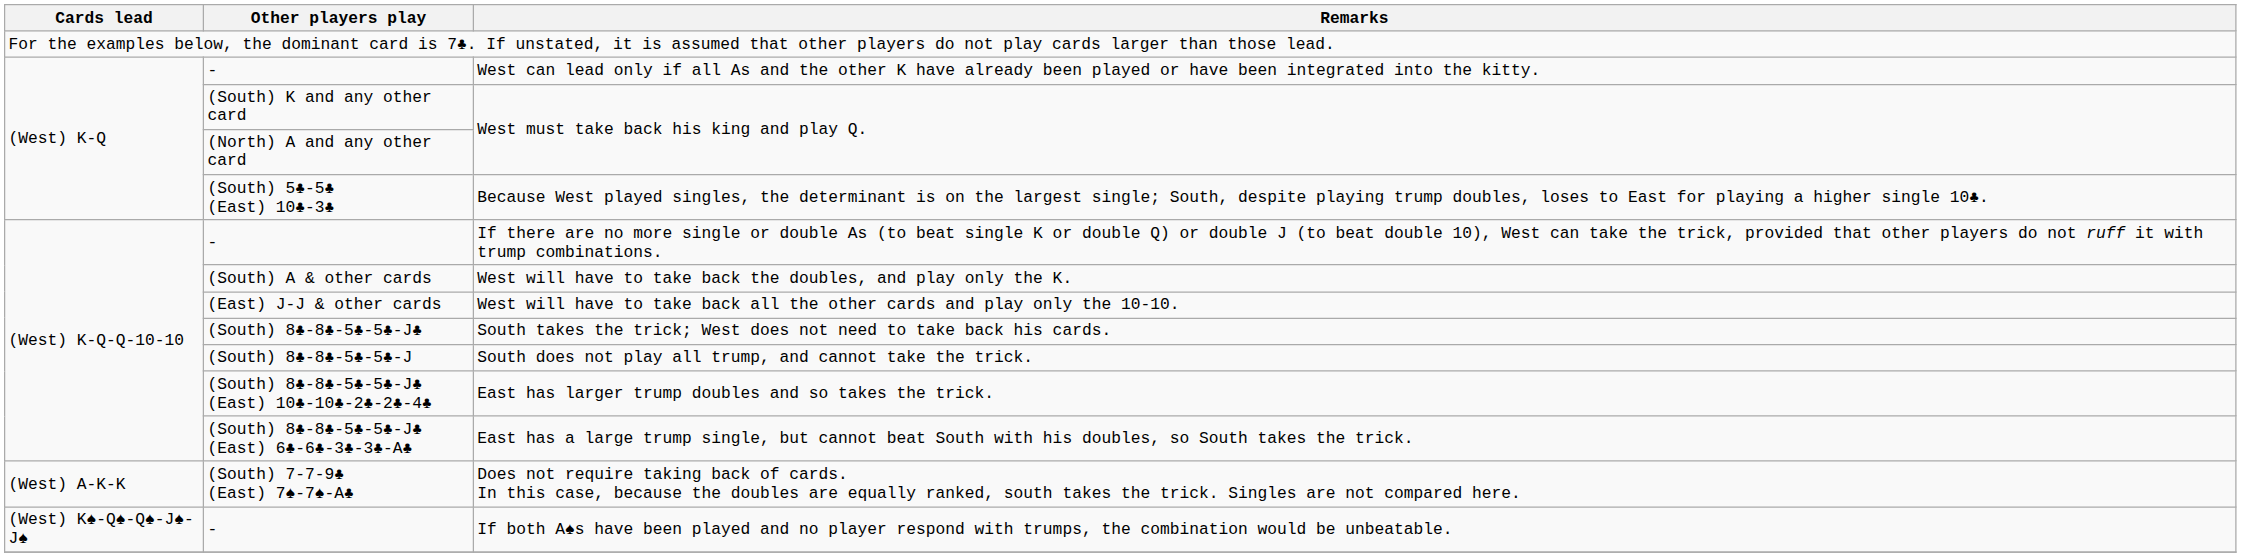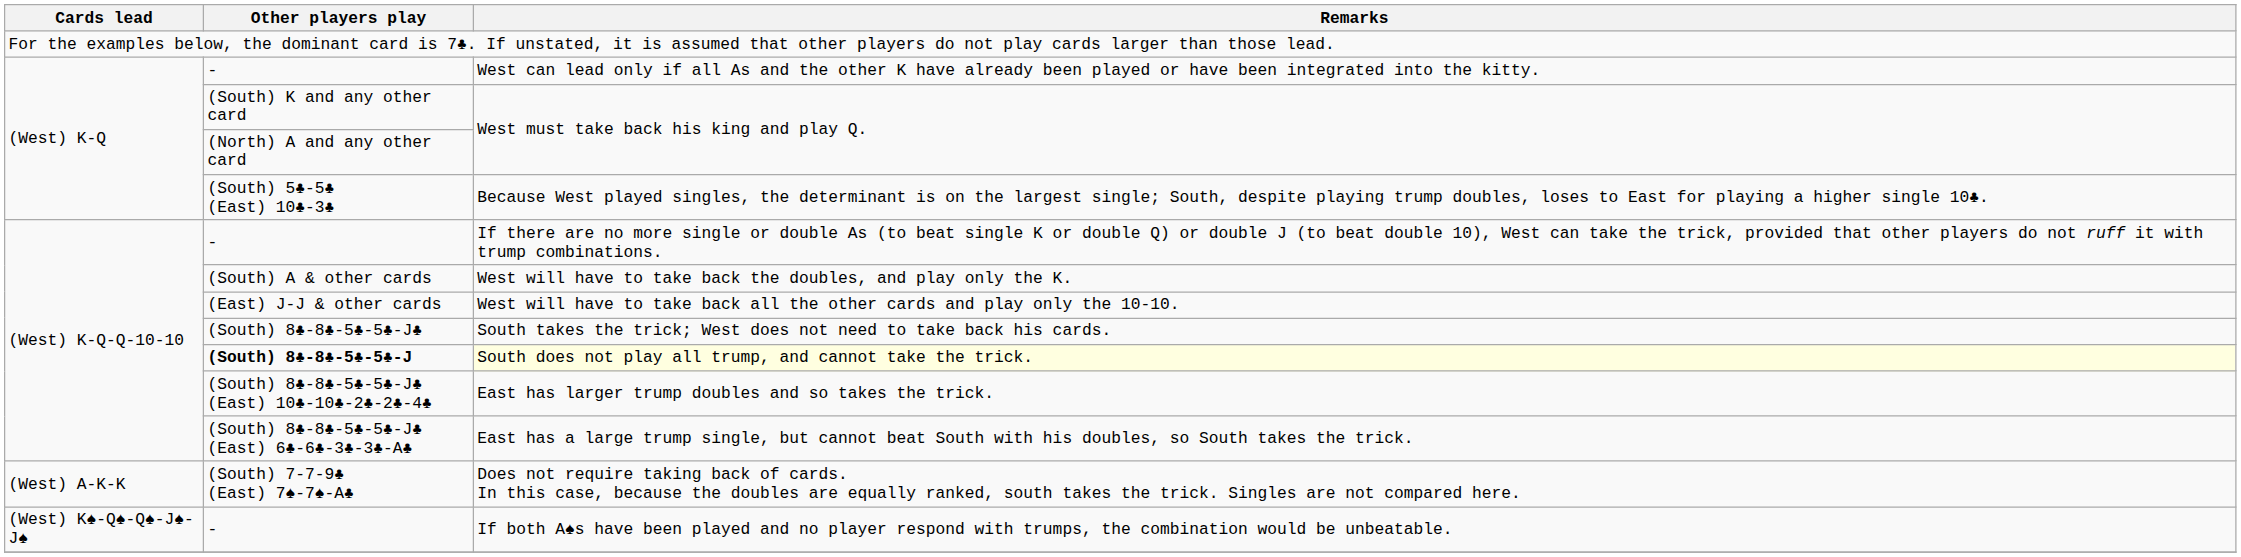 <table class="wikitable" width="90%">
 <tr>
 <th>Cards lead</th>
 <th>Other players play</th>
 <th>Remarks</th>
 </tr>
 <tr>
 <td colspan=3>For the examples below, the dominant card is 7♣. If unstated, it is assumed that other players do not play cards larger than those lead.</td>
 </tr>
 <tr>
 <td rowspan=4>(West) K-Q</td>
 <td>-</td>
 <td>West can lead only if all As and the other K have already been played or have been integrated into the kitty.</td>
 </tr>
 <tr>
 <td>(South) K and any other card</td>
 <td rowspan=2>West must take back his king and play Q.</td>
 </tr>
 <tr>
 <td>(North) A and any other card</td>
 </tr>
 <tr>
 <td>(South) 5♣-5♣<br>(East) 10♣-3♣</td>
 <td>Because West played singles, the determinant is on the largest single; South, despite playing trump doubles, loses to East for playing a higher single 10♣.</td>
 </tr>
 <tr>
 <td rowspan=7>(West) K-Q-Q-10-10</td>
 <td>-</td>
 <td>If there are no more single or double As (to beat single K or double Q) or double J (to beat double 10), West can take the trick, provided that other players do not <em>ruff</em> it with trump combinations.</td>
 </tr>
 <tr>
 <td>(South) A & other cards</td>
 <td>West will have to take back the doubles, and play only the K.</td>
 </tr>
 <tr>
 <td>(East) J-J & other cards</td>
 <td>West will have to take back all the other cards and play only the 10-10.</td>
 </tr>
 <tr>
 <td>(South) 8♣-8♣-5♣-5♣-J♣</td>
 <td>South takes the trick; West does not need to take back his cards.</td>
 </tr>
 <tr>
-<td>(South) 8♣-8♣-5♣-5♣-J</td>
-<td>South does not play all trump, and cannot take the trick.</td>
+<td><strong>(South) 8♣-8♣-5♣-5♣-J</strong></td>
+<td style="background: lightyellow;">South does not play all trump, and cannot take the trick.</td>
 </tr>
 <tr>
 <td>(South) 8♣-8♣-5♣-5♣-J♣<br>(East) 10♣-10♣-2♣-2♣-4♣</td>
 <td>East has larger trump doubles and so takes the trick.</td>
 </tr>
 <tr>
 <td>(South) 8♣-8♣-5♣-5♣-J♣<br>(East) 6♣-6♣-3♣-3♣-A♣</td>
 <td>East has a large trump single, but cannot beat South with his doubles, so South takes the trick.</td>
 </tr>
 <tr>
 <td>(West) A-K-K</td>
 <td>(South) 7-7-9♣<br>(East) 7♠-7♠-A♣</td>
 <td>Does not require taking back of cards.<br>In this case, because the doubles are equally ranked, south takes the trick. Singles are not compared here.</td>
 </tr>
 <tr>
 <td>(West) K♠-Q♠-Q♠-J♠-J♠</td>
 <td>-</td>
 <td>If both A♠s have been played and no player respond with trumps, the combination would be unbeatable.</td>
 </tr>
 <tr>
 </tr>
 </table>
